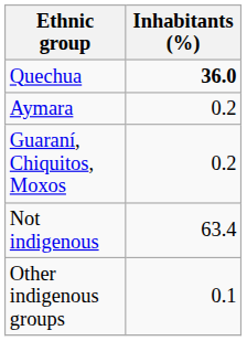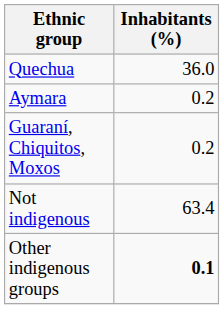 <table class="wikitable" border="1" style="width:30%;" border="1">
 <tr bgcolor=#EFEFEF>
 <th><strong>Ethnic group</strong></th>
 <th><strong>Inhabitants (%)</strong></th>
 </tr>
 <tr>
 <td><a href='#'>Quechua</a></td>
-<td align="right"><strong>36.0</strong></td>
+<td align="right">36.0</td>
 </tr>
 <tr>
 <td><a href='#'>Aymara</a></td>
 <td align="right">0.2</td>
 </tr>
 <tr>
 <td><a href='#'>Guaraní</a>, <a href='#'>Chiquitos</a>, <a href='#'>Moxos</a></td>
 <td align="right">0.2</td>
 </tr>
 <tr>
 <td>Not <a href='#'>indigenous</a></td>
 <td align="right">63.4</td>
 </tr>
 <tr>
 <td>Other indigenous groups</td>
-<td align="right">0.1</td>
+<td align="right"><strong>0.1</strong></td>
 </tr>
 <tr>
 </tr>
 </table>
